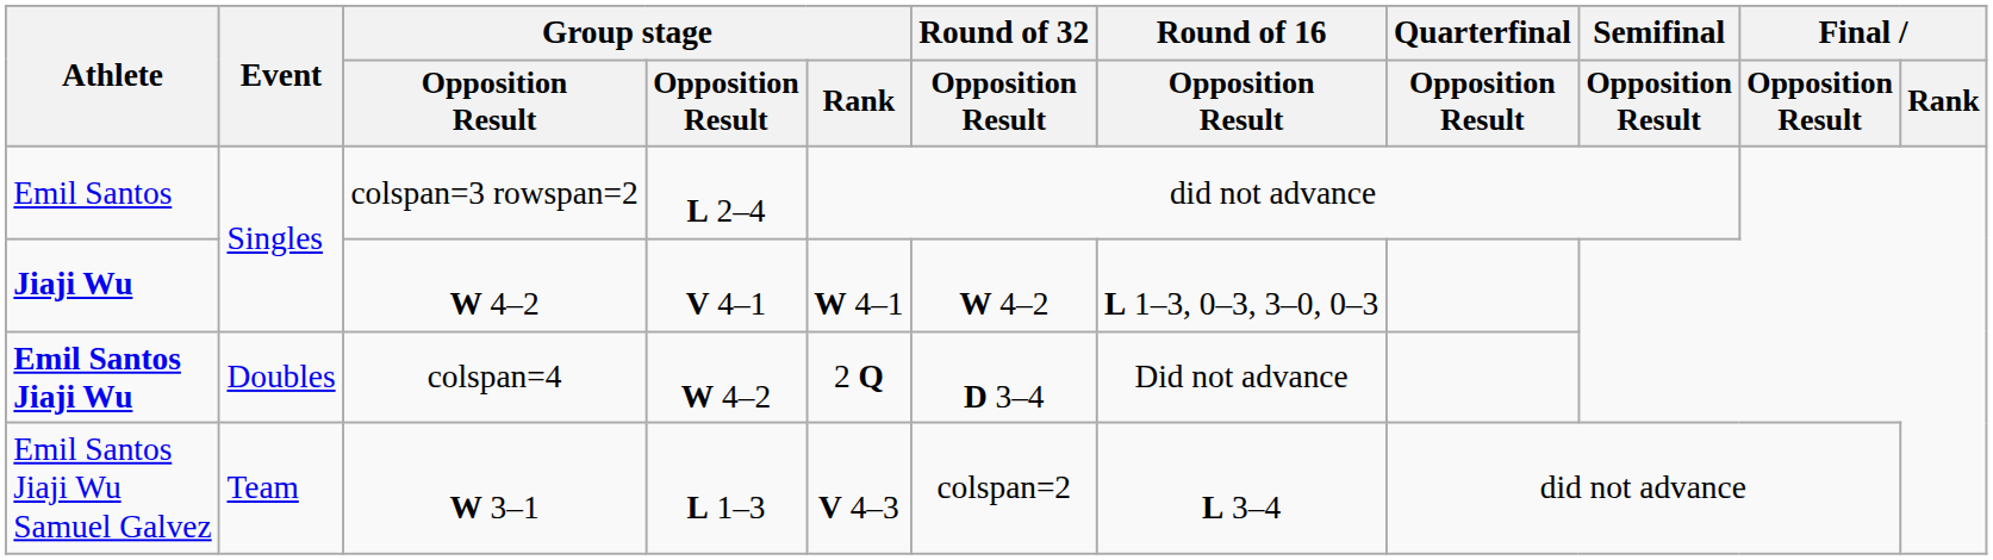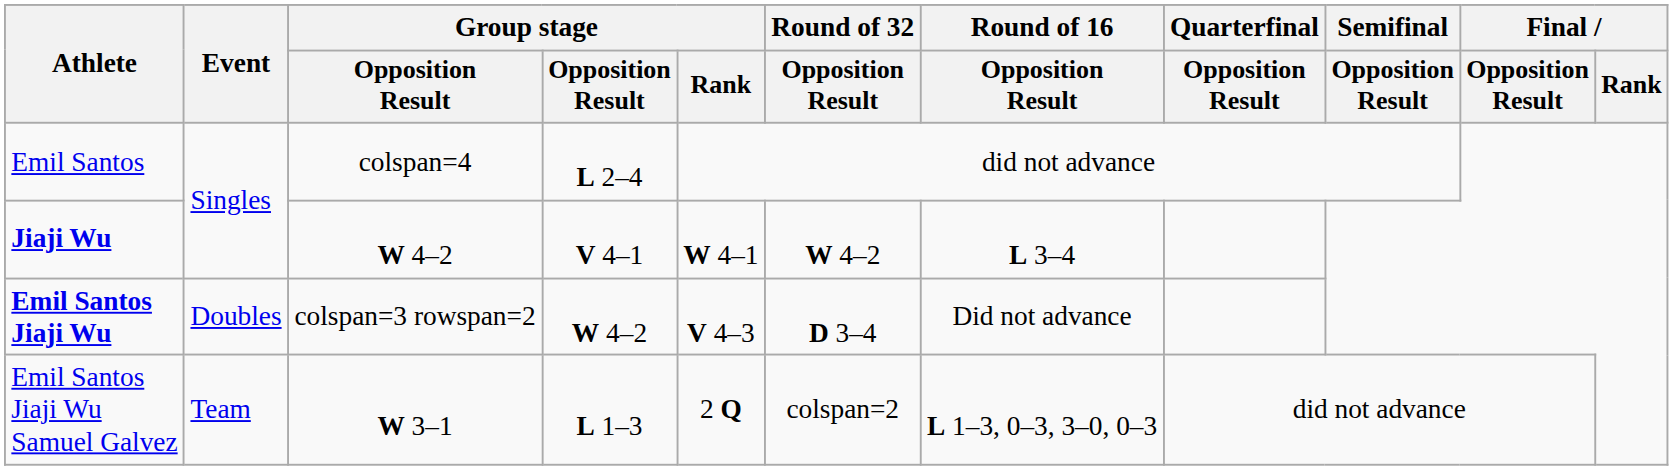 <table class=wikitable style=font-size:90%;text-align:center>
 <tr>
 <th rowspan=2>Athlete</th>
 <th rowspan=2>Event</th>
 <th colspan=3>Group stage</th>
 <th>Round of 32</th>
 <th>Round of 16</th>
 <th>Quarterfinal</th>
 <th>Semifinal</th>
 <th colspan=2>Final / </th>
 </tr>
 <tr style=font-size:95%>
 <th>Opposition<br>Result</th>
 <th>Opposition<br>Result</th>
 <th>Rank</th>
 <th>Opposition<br>Result</th>
 <th>Opposition<br>Result</th>
 <th>Opposition<br>Result</th>
 <th>Opposition<br>Result</th>
 <th>Opposition<br>Result</th>
 <th>Rank</th>
 </tr>
 <tr>
 <td align=left><a href='#'>Emil Santos</a></td>
 <td align=left rowspan=2><a href='#'>Singles</a></td>
-<td>colspan=3 rowspan=2 </td>
+<td>colspan=4 </td>
 <td><br><strong>L</strong> 2–4</td>
 <td colspan=5>did not advance</td>
 </tr>
 <tr>
 <td align=left><strong><a href='#'>Jiaji Wu</a></strong></td>
 <td><br><strong>W</strong> 4–2</td>
 <td><br><strong>V</strong> 4–1</td>
 <td><br><strong>W</strong> 4–1</td>
 <td><br><strong>W</strong> 4–2</td>
-<td><br><strong>L</strong> 1–3, 0–3, 3–0, 0–3</td>
+<td><br><strong>L</strong> 3–4</td>
 <td></td>
 </tr>
 <tr>
 <td align=left><strong><a href='#'>Emil Santos</a><br><a href='#'>Jiaji Wu</a></strong></td>
 <td align=left><a href='#'>Doubles</a></td>
-<td>colspan=4 </td>
+<td>colspan=3 rowspan=2 </td>
 <td><br><strong>W</strong> 4–2</td>
-<td>2 <strong>Q</strong></td>
+<td><br><strong>V</strong> 4–3</td>
 <td><br><strong>D</strong> 3–4</td>
 <td>Did not advance</td>
 <td></td>
 </tr>
 <tr>
 <td align=left><a href='#'>Emil Santos</a><br><a href='#'>Jiaji Wu</a><br><a href='#'>Samuel Galvez</a></td>
 <td align=left><a href='#'>Team</a></td>
 <td><br><strong>W</strong> 3–1</td>
 <td><br><strong>L</strong> 1–3</td>
-<td><br><strong>V</strong> 4–3</td>
+<td>2 <strong>Q</strong></td>
 <td>colspan=2 </td>
-<td><br><strong>L</strong> 3–4</td>
+<td><br><strong>L</strong> 1–3, 0–3, 3–0, 0–3</td>
 <td colspan=3>did not advance</td>
 </tr>
 </table>
